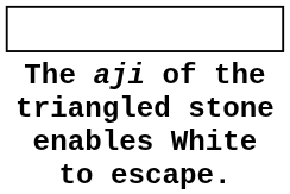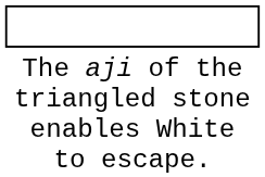 <table style="margin:1em;width: 130px; float:right;">
 <tr>
 <td style="border: solid thin; padding: 2px;"><br></td>
 </tr>
 <tr>
-<td style="text-align:center"><strong>The <em>aji</em> of the triangled stone enables White to escape.</strong></td>
+<td style="text-align:center">The <em>aji</em> of the triangled stone enables White to escape.</td>
 </tr>
 </table>
